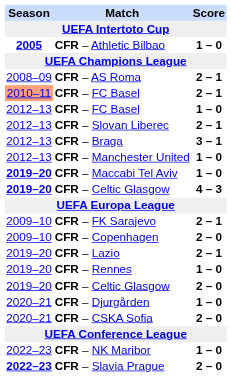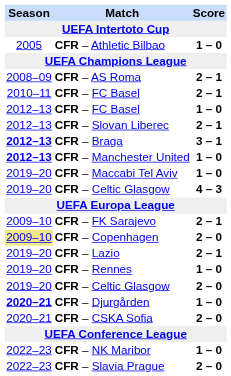 <table class="toccolours" border="0" cellpadding="2" cellspacing="0" align="left" style="margin:0.5em;">
 <tr bgcolor=#CADCFB>
 <th>Season</th>
 <th>Match</th>
 <th>Score</th>
 </tr>
 <tr>
 <th colspan="4" bgcolor=#EFEFEF><a href='#'>UEFA Intertoto Cup</a></th>
 </tr>
 <tr>
-<td align="center"><strong><a href='#'>2005</a></strong></td>
+<td align="center"><a href='#'>2005</a></td>
 <td align="left"><strong>CFR</strong> –  <a href='#'>Athletic Bilbao</a></td>
 <td align="center"><strong>1 – 0</strong></td>
 </tr>
 <tr>
 <th colspan="4" bgcolor=#EFEFEF><a href='#'>UEFA Champions League</a></th>
 </tr>
 <tr>
 <td align="center"><a href='#'>2008–09</a></td>
 <td align="left"><strong>CFR</strong> –  <a href='#'>AS Roma</a></td>
 <td align="center"><strong>2 – 1</strong></td>
 </tr>
 <tr>
-<td align="center" style="background: lightsalmon;"><a href='#'>2010–11</a></td>
+<td align="center"><a href='#'>2010–11</a></td>
 <td align="left"><strong>CFR</strong> –  <a href='#'>FC Basel</a></td>
 <td align="center"><strong>2 – 1</strong></td>
 </tr>
 <tr>
 <td align="center"><a href='#'>2012–13</a></td>
 <td align="left"><strong>CFR</strong> –  <a href='#'>FC Basel</a></td>
 <td align="center"><strong>1 – 0</strong></td>
 </tr>
 <tr>
 <td align="center"><a href='#'>2012–13</a></td>
 <td align="left"><strong>CFR</strong> –  <a href='#'>Slovan Liberec</a></td>
 <td align="center"><strong>2 – 1</strong></td>
 </tr>
 <tr>
-<td align="center"><a href='#'>2012–13</a></td>
+<td align="center"><strong><a href='#'>2012–13</a></strong></td>
 <td align="left"><strong>CFR</strong> –  <a href='#'>Braga</a></td>
 <td align="center"><strong>3 – 1</strong></td>
 </tr>
 <tr>
-<td align="center"><a href='#'>2012–13</a></td>
+<td align="center"><strong><a href='#'>2012–13</a></strong></td>
 <td align="left"><strong>CFR</strong> –  <a href='#'>Manchester United</a></td>
 <td align="center"><strong>1 – 0</strong></td>
 </tr>
 <tr>
-<td align="center"><strong><a href='#'>2019–20</a></strong></td>
+<td align="center"><a href='#'>2019–20</a></td>
 <td align="left"><strong>CFR</strong> –  <a href='#'>Maccabi Tel Aviv</a></td>
 <td align="center"><strong>1 – 0</strong></td>
 </tr>
 <tr>
-<td align="center"><strong><a href='#'>2019–20</a></strong></td>
+<td align="center"><a href='#'>2019–20</a></td>
 <td align="left"><strong>CFR</strong> –  <a href='#'>Celtic Glasgow</a></td>
 <td align="center"><strong>4 – 3</strong></td>
 </tr>
 <tr>
 <th colspan="4" bgcolor=#EFEFEF><a href='#'>UEFA Europa League</a></th>
 </tr>
 <tr>
 <td align="center"><a href='#'>2009–10</a></td>
 <td align="left"><strong>CFR</strong> –  <a href='#'>FK Sarajevo</a></td>
 <td align="center"><strong>2 – 1</strong></td>
 </tr>
 <tr>
-<td align="center"><a href='#'>2009–10</a></td>
+<td align="center" style="background: khaki;"><a href='#'>2009–10</a></td>
 <td align="left"><strong>CFR</strong> –  <a href='#'>Copenhagen</a></td>
 <td align="center"><strong>2 – 0</strong></td>
 </tr>
 <tr>
 <td align="center"><a href='#'>2019–20</a></td>
 <td align="left"><strong>CFR</strong> –  <a href='#'>Lazio</a></td>
 <td align="center"><strong>2 – 1</strong></td>
 </tr>
 <tr>
 <td align="center"><a href='#'>2019–20</a></td>
 <td align="left"><strong>CFR</strong> –  <a href='#'>Rennes</a></td>
 <td align="center"><strong>1 – 0</strong></td>
 </tr>
 <tr>
 <td align="center"><a href='#'>2019–20</a></td>
 <td align="left"><strong>CFR</strong> –  <a href='#'>Celtic Glasgow</a></td>
 <td align="center"><strong>2 – 0</strong></td>
 </tr>
 <tr>
-<td align="center"><a href='#'>2020–21</a></td>
+<td align="center"><strong><a href='#'>2020–21</a></strong></td>
 <td align="left"><strong>CFR</strong> –  <a href='#'>Djurgården</a></td>
 <td align="center"><strong>1 – 0</strong></td>
 </tr>
 <tr>
 <td align="center"><a href='#'>2020–21</a></td>
 <td align="left"><strong>CFR</strong> –  <a href='#'>CSKA Sofia</a></td>
 <td align="center"><strong>2 – 0</strong></td>
 </tr>
 <tr>
 <th colspan="4" bgcolor=#EFEFEF><a href='#'>UEFA Conference League</a></th>
 </tr>
 <tr>
 <td align="center"><a href='#'>2022–23</a></td>
 <td align="left"><strong>CFR</strong> –  <a href='#'>NK Maribor</a></td>
 <td align="center"><strong>1 – 0</strong></td>
 </tr>
 <tr>
-<td align="center"><strong><a href='#'>2022–23</a></strong></td>
+<td align="center"><a href='#'>2022–23</a></td>
 <td align="left"><strong>CFR</strong> –  <a href='#'>Slavia Prague</a></td>
 <td align="center"><strong>2 – 0</strong></td>
 </tr>
 <tr>
 </tr>
 </table>
